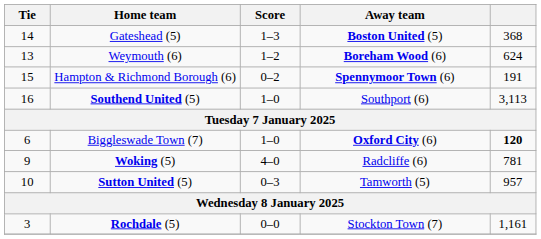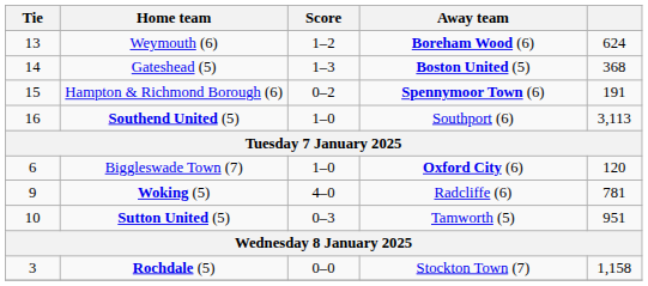 <table class="wikitable" style="text-align:center; font-size:90%">
 <tr>
 <th scope="col" style="width:  8.43%;">Tie</th>
 <th scope="col" style="width: 35.29%;">Home team</th>
 <th scope="col" style="width: 11.00%;">Score</th>
 <th scope="col" style="width: 35.29%;">Away team</th>
 <th scope="col" style="width:  8.43%;"></th>
 </tr>
 <tr>
+<td>13</td>
+<td><a href='#'>Weymouth</a> (6)</td>
+<td>1–2</td>
+<td><strong><a href='#'>Boreham Wood</a></strong> (6)</td>
+<td>624</td>
+</tr>
+<tr>
 <td>14</td>
 <td><a href='#'>Gateshead</a> (5)</td>
 <td>1–3</td>
 <td><strong><a href='#'>Boston United</a></strong> (5)</td>
 <td>368</td>
-</tr>
-<tr>
-<td>13</td>
-<td><a href='#'>Weymouth</a> (6)</td>
-<td>1–2</td>
-<td><strong><a href='#'>Boreham Wood</a></strong> (6)</td>
-<td>624</td>
 </tr>
 <tr>
 <td>15</td>
 <td><a href='#'>Hampton & Richmond Borough</a> (6)</td>
 <td>0–2</td>
 <td><strong><a href='#'>Spennymoor Town</a></strong> (6)</td>
 <td>191</td>
 </tr>
 <tr>
 <td>16</td>
 <td><strong><a href='#'>Southend United</a></strong> (5)</td>
 <td>1–0</td>
 <td><a href='#'>Southport</a> (6)</td>
 <td>3,113</td>
 </tr>
 <tr>
 <th colspan="5"><strong>Tuesday 7 January 2025</strong></th>
 </tr>
 <tr>
 <td>6</td>
 <td><a href='#'>Biggleswade Town</a> (7)</td>
 <td>1–0</td>
 <td><strong><a href='#'>Oxford City</a></strong> (6)</td>
-<td><strong>120</strong></td>
+<td>120</td>
 </tr>
 <tr>
 <td>9</td>
 <td><strong><a href='#'>Woking</a></strong> (5)</td>
 <td>4–0</td>
 <td><a href='#'>Radcliffe</a> (6)</td>
 <td>781</td>
 </tr>
 <tr>
 <td>10</td>
 <td><strong><a href='#'>Sutton United</a></strong> (5)</td>
 <td>0–3</td>
 <td><a href='#'>Tamworth</a> (5)</td>
-<td>957</td>
+<td>951</td>
 </tr>
 <tr>
 <th colspan="5"><strong>Wednesday 8 January 2025</strong></th>
 </tr>
 <tr>
 <td>3</td>
 <td><strong><a href='#'>Rochdale</a></strong> (5)</td>
 <td>0–0  </td>
 <td><a href='#'>Stockton Town</a> (7)</td>
-<td>1,161</td>
+<td>1,158</td>
 </tr>
 <tr>
 </tr>
 </table>
